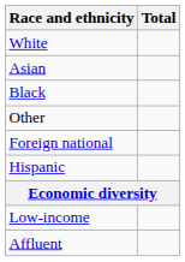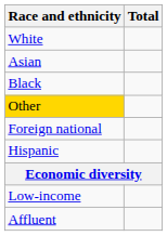 <table class="wikitable floatright sortable collapsible"; text-align:right; font-size:80%;">
 <tr>
 <th>Race and ethnicity</th>
 <th colspan="2" data-sort-type=number>Total</th>
 </tr>
 <tr>
 <td><a href='#'>White</a></td>
 <td align=right></td>
 </tr>
 <tr>
 <td><a href='#'>Asian</a></td>
 <td align=right></td>
 </tr>
 <tr>
 <td><a href='#'>Black</a></td>
 <td align=right></td>
 </tr>
 <tr>
-<td>Other</td>
+<td style="background: gold;">Other</td>
 <td align=right></td>
 </tr>
 <tr>
 <td><a href='#'>Foreign national</a></td>
 <td align=right></td>
 </tr>
 <tr>
 <td><a href='#'>Hispanic</a></td>
 <td align=right></td>
 </tr>
 <tr>
 <th colspan="4" data-sort-type=number><a href='#'>Economic diversity</a></th>
 </tr>
 <tr>
 <td><a href='#'>Low-income</a></td>
 <td align=right></td>
 </tr>
 <tr>
 <td><a href='#'>Affluent</a></td>
 <td align=right></td>
 </tr>
 </table>
